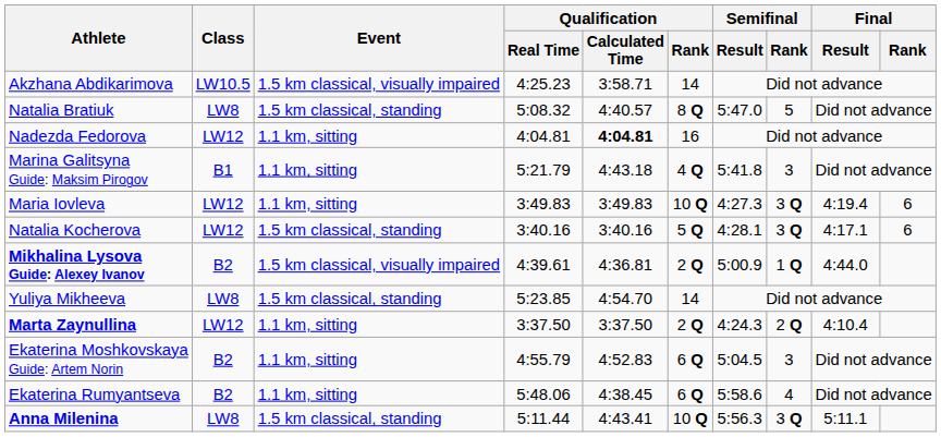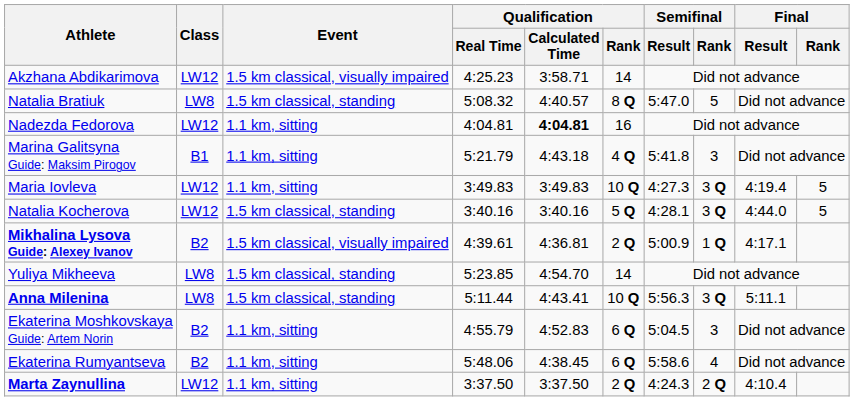 <table class="wikitable" style="font-size:90%">
 <tr>
 <th rowspan=2>Athlete</th>
 <th rowspan=2>Class</th>
 <th rowspan=2>Event</th>
 <th colspan=3>Qualification</th>
 <th colspan=2>Semifinal</th>
 <th colspan=2>Final</th>
 </tr>
 <tr style="font-size:95%">
 <th>Real Time</th>
 <th>Calculated<br>Time</th>
 <th>Rank</th>
 <th>Result</th>
 <th>Rank</th>
 <th>Result</th>
 <th>Rank</th>
 </tr>
 <tr align=center>
 <td align=left><a href='#'>Akzhana Abdikarimova</a></td>
-<td><a href='#'>LW10.5</a></td>
+<td><a href='#'>LW12</a></td>
 <td align=left><a href='#'>1.5 km classical, visually impaired</a></td>
 <td>4:25.23</td>
 <td>3:58.71</td>
 <td>14</td>
 <td colspan=4>Did not advance</td>
 </tr>
 <tr align=center>
 <td align=left><a href='#'>Natalia Bratiuk</a></td>
 <td><a href='#'>LW8</a></td>
 <td align=left><a href='#'>1.5 km classical, standing</a></td>
 <td>5:08.32</td>
 <td>4:40.57</td>
 <td>8 <strong>Q</strong></td>
 <td>5:47.0</td>
 <td>5</td>
 <td colspan=2>Did not advance</td>
 </tr>
 <tr align=center>
 <td align=left><a href='#'>Nadezda Fedorova</a></td>
 <td><a href='#'>LW12</a></td>
 <td align=left><a href='#'>1.1 km, sitting</a></td>
 <td>4:04.81</td>
 <td><strong>4:04.81</strong></td>
 <td>16</td>
 <td colspan=4>Did not advance</td>
 </tr>
 <tr align=center>
 <td align=left><a href='#'>Marina Galitsyna</a><br><small><a href='#'>Guide</a>: <a href='#'>Maksim Pirogov</a></small></td>
 <td><a href='#'>B1</a></td>
 <td align=left><a href='#'>1.1 km, sitting</a></td>
 <td>5:21.79</td>
 <td>4:43.18</td>
 <td>4 <strong>Q</strong></td>
 <td>5:41.8</td>
 <td>3</td>
 <td colspan=2>Did not advance</td>
 </tr>
 <tr align="center">
 <td align=left><a href='#'>Maria Iovleva</a></td>
 <td><a href='#'>LW12</a></td>
 <td align=left><a href='#'>1.1 km, sitting</a></td>
 <td>3:49.83</td>
 <td>3:49.83</td>
 <td>10 <strong>Q</strong></td>
 <td>4:27.3</td>
 <td>3 <strong>Q</strong></td>
 <td>4:19.4</td>
-<td>6</td>
+<td>5</td>
 </tr>
 <tr align=center>
 <td align=left><a href='#'>Natalia Kocherova</a></td>
 <td><a href='#'>LW12</a></td>
 <td align=left><a href='#'>1.5 km classical, standing</a></td>
 <td>3:40.16</td>
 <td>3:40.16</td>
 <td>5 <strong>Q</strong></td>
 <td>4:28.1</td>
 <td>3 <strong>Q</strong></td>
-<td>4:17.1</td>
-<td>6</td>
+<td>4:44.0</td>
+<td>5</td>
 </tr>
 <tr align=center>
 <td align=left><strong><a href='#'>Mikhalina Lysova</a><br><small><a href='#'>Guide</a>: <a href='#'>Alexey Ivanov</a></small></strong></td>
 <td><a href='#'>B2</a></td>
 <td align=left><a href='#'>1.5 km classical, visually impaired</a></td>
 <td>4:39.61</td>
 <td>4:36.81</td>
 <td>2 <strong>Q</strong></td>
 <td>5:00.9</td>
 <td>1 <strong>Q</strong></td>
-<td>4:44.0</td>
+<td>4:17.1</td>
 <td></td>
 </tr>
 <tr align=center>
 <td align=left><a href='#'>Yuliya Mikheeva</a></td>
 <td><a href='#'>LW8</a></td>
 <td align=left><a href='#'>1.5 km classical, standing</a></td>
 <td>5:23.85</td>
 <td>4:54.70</td>
 <td>14</td>
 <td colspan=4>Did not advance</td>
 </tr>
 <tr align=center>
-<td align=left><strong><a href='#'>Marta Zaynullina</a></strong></td>
-<td><a href='#'>LW12</a></td>
-<td align=left><a href='#'>1.1 km, sitting</a></td>
-<td>3:37.50</td>
-<td>3:37.50</td>
-<td>2 <strong>Q</strong></td>
-<td>4:24.3</td>
-<td>2 <strong>Q</strong></td>
-<td>4:10.4</td>
+<td align=left><strong><a href='#'>Anna Milenina</a></strong></td>
+<td><a href='#'>LW8</a></td>
+<td align=left><a href='#'>1.5 km classical, standing</a></td>
+<td>5:11.44</td>
+<td>4:43.41</td>
+<td>10 <strong>Q</strong></td>
+<td>5:56.3</td>
+<td>3 <strong>Q</strong></td>
+<td>5:11.1</td>
 <td></td>
 </tr>
 <tr align=center>
 <td align=left><a href='#'>Ekaterina Moshkovskaya</a><br><small><a href='#'>Guide</a>: <a href='#'>Artem Norin</a></small></td>
 <td><a href='#'>B2</a></td>
 <td align=left><a href='#'>1.1 km, sitting</a></td>
 <td>4:55.79</td>
 <td>4:52.83</td>
 <td>6 <strong>Q</strong></td>
 <td>5:04.5</td>
 <td>3</td>
 <td colspan=2>Did not advance</td>
 </tr>
 <tr align=center>
 <td align=left><a href='#'>Ekaterina Rumyantseva</a></td>
 <td><a href='#'>B2</a></td>
 <td align=left><a href='#'>1.1 km, sitting</a></td>
 <td>5:48.06</td>
 <td>4:38.45</td>
 <td>6 <strong>Q</strong></td>
 <td>5:58.6</td>
 <td>4</td>
 <td colspan=2>Did not advance</td>
 </tr>
 <tr align=center>
-<td align=left><strong><a href='#'>Anna Milenina</a></strong></td>
-<td><a href='#'>LW8</a></td>
-<td align=left><a href='#'>1.5 km classical, standing</a></td>
-<td>5:11.44</td>
-<td>4:43.41</td>
-<td>10 <strong>Q</strong></td>
-<td>5:56.3</td>
-<td>3 <strong>Q</strong></td>
-<td>5:11.1</td>
+<td align=left><strong><a href='#'>Marta Zaynullina</a></strong></td>
+<td><a href='#'>LW12</a></td>
+<td align=left><a href='#'>1.1 km, sitting</a></td>
+<td>3:37.50</td>
+<td>3:37.50</td>
+<td>2 <strong>Q</strong></td>
+<td>4:24.3</td>
+<td>2 <strong>Q</strong></td>
+<td>4:10.4</td>
 <td></td>
 </tr>
 </table>
